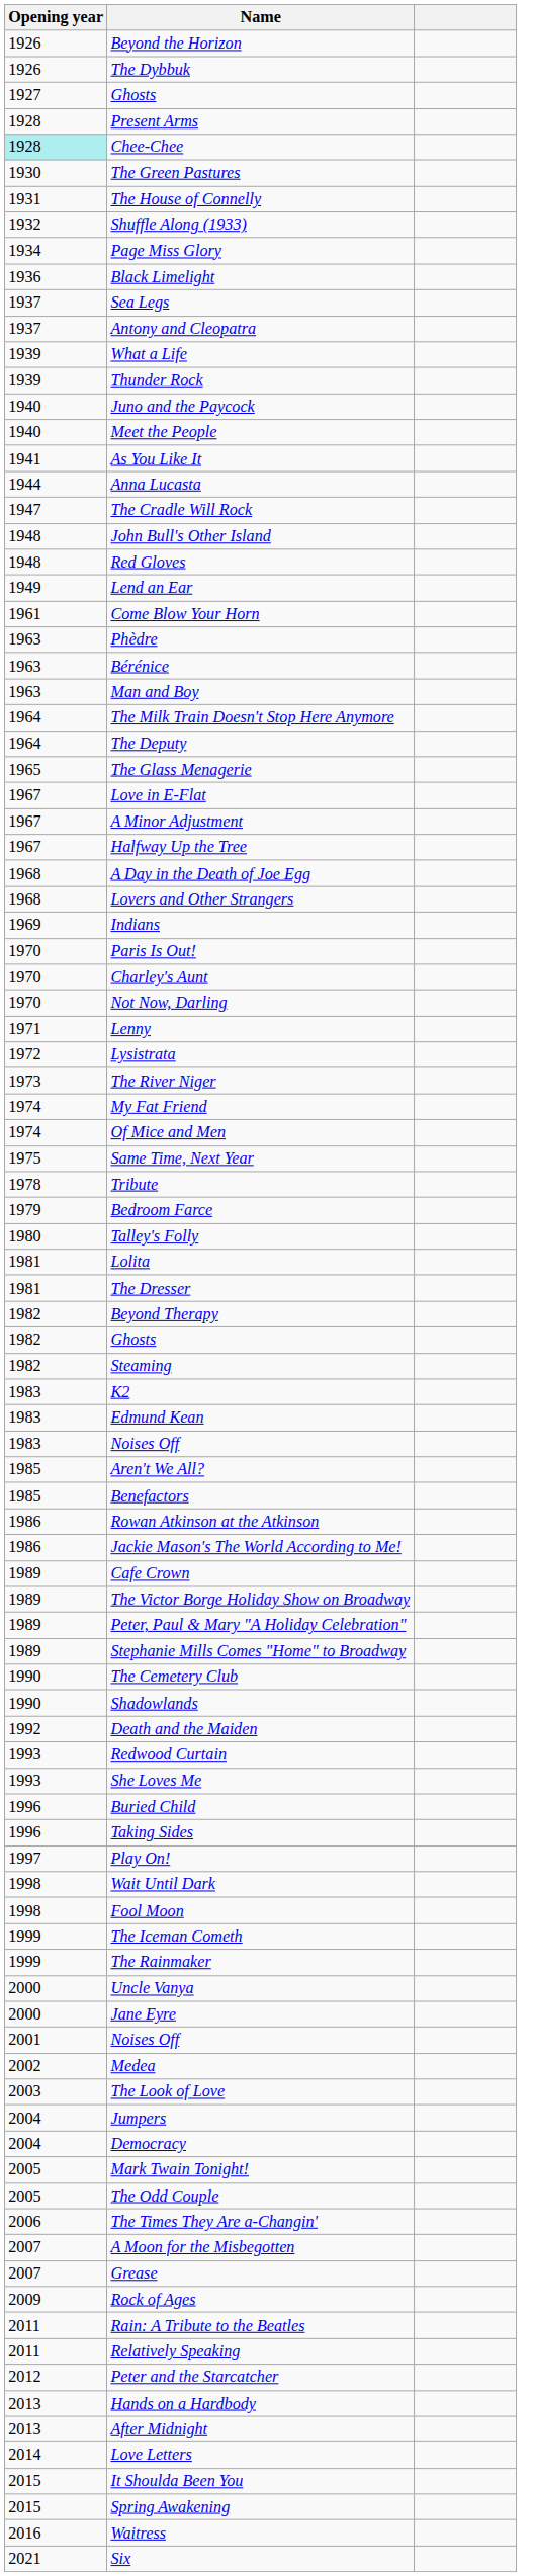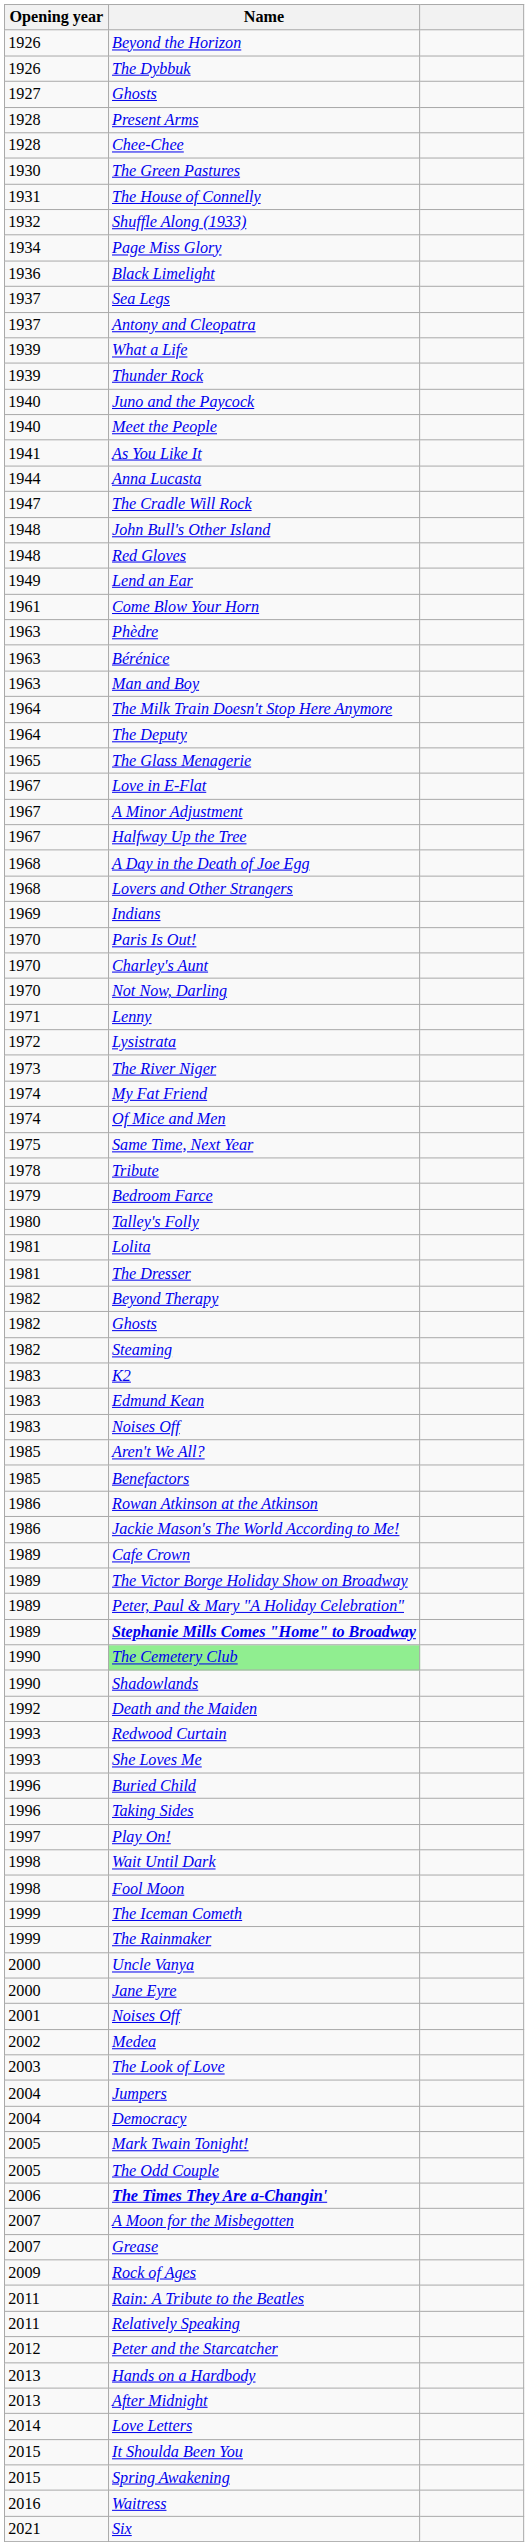 <table class="wikitable sortable collapsible">
 <tr>
 <th width=20% scope="col">Opening year</th>
 <th width=60% scope="col">Name</th>
 <th width=20% scope="col" class="unsortable"></th>
 </tr>
 <tr>
 <td>1926</td>
 <td><em><a href='#'>Beyond the Horizon</a></em></td>
 <td></td>
 </tr>
 <tr>
 <td>1926</td>
 <td><em><a href='#'>The Dybbuk</a></em></td>
 <td></td>
 </tr>
 <tr>
 <td>1927</td>
 <td><em><a href='#'>Ghosts</a></em></td>
 <td></td>
 </tr>
 <tr>
 <td>1928</td>
 <td><em><a href='#'>Present Arms</a></em></td>
 <td></td>
 </tr>
 <tr>
-<td style="background: paleturquoise;">1928</td>
+<td>1928</td>
 <td><em><a href='#'>Chee-Chee</a></em></td>
 <td></td>
 </tr>
 <tr>
 <td>1930</td>
 <td><em><a href='#'>The Green Pastures</a></em></td>
 <td></td>
 </tr>
 <tr>
 <td>1931</td>
 <td><em><a href='#'>The House of Connelly</a></em></td>
 <td></td>
 </tr>
 <tr>
 <td>1932</td>
 <td><em><a href='#'>Shuffle Along (1933)</a></em></td>
 <td></td>
 </tr>
 <tr>
 <td>1934</td>
 <td><em><a href='#'>Page Miss Glory</a></em></td>
 <td></td>
 </tr>
 <tr>
 <td>1936</td>
 <td><em><a href='#'>Black Limelight</a></em></td>
 <td></td>
 </tr>
 <tr>
 <td>1937</td>
 <td><em><a href='#'>Sea Legs</a></em></td>
 <td></td>
 </tr>
 <tr>
 <td>1937</td>
 <td><em><a href='#'>Antony and Cleopatra</a></em></td>
 <td></td>
 </tr>
 <tr>
 <td>1939</td>
 <td><em><a href='#'>What a Life</a></em></td>
 <td></td>
 </tr>
 <tr>
 <td>1939</td>
 <td><em><a href='#'>Thunder Rock</a></em></td>
 <td></td>
 </tr>
 <tr>
 <td>1940</td>
 <td><em><a href='#'>Juno and the Paycock</a></em></td>
 <td></td>
 </tr>
 <tr>
 <td>1940</td>
 <td><em><a href='#'>Meet the People</a></em></td>
 <td></td>
 </tr>
 <tr>
 <td>1941</td>
 <td><em><a href='#'>As You Like It</a></em></td>
 <td></td>
 </tr>
 <tr>
 <td>1944</td>
 <td><em><a href='#'>Anna Lucasta</a></em></td>
 <td></td>
 </tr>
 <tr>
 <td>1947</td>
 <td><em><a href='#'>The Cradle Will Rock</a></em></td>
 <td></td>
 </tr>
 <tr>
 <td>1948</td>
 <td><em><a href='#'>John Bull's Other Island</a></em></td>
 <td></td>
 </tr>
 <tr>
 <td>1948</td>
 <td><em><a href='#'>Red Gloves</a></em></td>
 <td></td>
 </tr>
 <tr>
 <td>1949</td>
 <td><em><a href='#'>Lend an Ear</a></em></td>
 <td></td>
 </tr>
 <tr>
 <td>1961</td>
 <td><em><a href='#'>Come Blow Your Horn</a></em></td>
 <td></td>
 </tr>
 <tr>
 <td>1963</td>
 <td><em><a href='#'>Phèdre</a></em></td>
 <td></td>
 </tr>
 <tr>
 <td>1963</td>
 <td><em><a href='#'>Bérénice</a></em></td>
 <td></td>
 </tr>
 <tr>
 <td>1963</td>
 <td><em><a href='#'>Man and Boy</a></em></td>
 <td></td>
 </tr>
 <tr>
 <td>1964</td>
 <td><em><a href='#'>The Milk Train Doesn't Stop Here Anymore</a></em></td>
 <td></td>
 </tr>
 <tr>
 <td>1964</td>
 <td><em><a href='#'>The Deputy</a></em></td>
 <td></td>
 </tr>
 <tr>
 <td>1965</td>
 <td><em><a href='#'>The Glass Menagerie</a></em></td>
 <td></td>
 </tr>
 <tr>
 <td>1967</td>
 <td><em><a href='#'>Love in E-Flat</a></em></td>
 <td></td>
 </tr>
 <tr>
 <td>1967</td>
 <td><em><a href='#'>A Minor Adjustment</a></em></td>
 <td></td>
 </tr>
 <tr>
 <td>1967</td>
 <td><em><a href='#'>Halfway Up the Tree</a></em></td>
 <td></td>
 </tr>
 <tr>
 <td>1968</td>
 <td><em><a href='#'>A Day in the Death of Joe Egg</a></em></td>
 <td></td>
 </tr>
 <tr>
 <td>1968</td>
 <td><em><a href='#'>Lovers and Other Strangers</a></em></td>
 <td></td>
 </tr>
 <tr>
 <td>1969</td>
 <td><em><a href='#'>Indians</a></em></td>
 <td></td>
 </tr>
 <tr>
 <td>1970</td>
 <td><em><a href='#'>Paris Is Out!</a></em></td>
 <td></td>
 </tr>
 <tr>
 <td>1970</td>
 <td><em><a href='#'>Charley's Aunt</a></em></td>
 <td></td>
 </tr>
 <tr>
 <td>1970</td>
 <td><em><a href='#'>Not Now, Darling</a></em></td>
 <td></td>
 </tr>
 <tr>
 <td>1971</td>
 <td><em><a href='#'>Lenny</a></em></td>
 <td></td>
 </tr>
 <tr>
 <td>1972</td>
 <td><em><a href='#'>Lysistrata</a></em></td>
 <td></td>
 </tr>
 <tr>
 <td>1973</td>
 <td><em><a href='#'>The River Niger</a></em></td>
 <td></td>
 </tr>
 <tr>
 <td>1974</td>
 <td><em><a href='#'>My Fat Friend</a></em></td>
 <td></td>
 </tr>
 <tr>
 <td>1974</td>
 <td><em><a href='#'>Of Mice and Men</a></em></td>
 <td></td>
 </tr>
 <tr>
 <td>1975</td>
 <td><em><a href='#'>Same Time, Next Year</a></em></td>
 <td></td>
 </tr>
 <tr>
 <td>1978</td>
 <td><em><a href='#'>Tribute</a></em></td>
 <td></td>
 </tr>
 <tr>
 <td>1979</td>
 <td><em><a href='#'>Bedroom Farce</a></em></td>
 <td></td>
 </tr>
 <tr>
 <td>1980</td>
 <td><em><a href='#'>Talley's Folly</a></em></td>
 <td></td>
 </tr>
 <tr>
 <td>1981</td>
 <td><em><a href='#'>Lolita</a></em></td>
 <td></td>
 </tr>
 <tr>
 <td>1981</td>
 <td><em><a href='#'>The Dresser</a></em></td>
 <td></td>
 </tr>
 <tr>
 <td>1982</td>
 <td><em><a href='#'>Beyond Therapy</a></em></td>
 <td></td>
 </tr>
 <tr>
 <td>1982</td>
 <td><em><a href='#'>Ghosts</a></em></td>
 <td></td>
 </tr>
 <tr>
 <td>1982</td>
 <td><em><a href='#'>Steaming</a></em></td>
 <td></td>
 </tr>
 <tr>
 <td>1983</td>
 <td><em><a href='#'>K2</a></em></td>
 <td></td>
 </tr>
 <tr>
 <td>1983</td>
 <td><em><a href='#'>Edmund Kean</a></em></td>
 <td></td>
 </tr>
 <tr>
 <td>1983</td>
 <td><em><a href='#'>Noises Off</a></em></td>
 <td></td>
 </tr>
 <tr>
 <td>1985</td>
 <td><em><a href='#'>Aren't We All?</a></em></td>
 <td></td>
 </tr>
 <tr>
 <td>1985</td>
 <td><em><a href='#'>Benefactors</a></em></td>
 <td></td>
 </tr>
 <tr>
 <td>1986</td>
 <td><em><a href='#'>Rowan Atkinson at the Atkinson</a></em></td>
 <td></td>
 </tr>
 <tr>
 <td>1986</td>
 <td><em><a href='#'>Jackie Mason's The World According to Me!</a></em></td>
 <td></td>
 </tr>
 <tr>
 <td>1989</td>
 <td><em><a href='#'>Cafe Crown</a></em></td>
 <td></td>
 </tr>
 <tr>
 <td>1989</td>
 <td><em><a href='#'>The Victor Borge Holiday Show on Broadway</a></em></td>
 <td></td>
 </tr>
 <tr>
 <td>1989</td>
 <td><em><a href='#'>Peter, Paul & Mary "A Holiday Celebration"</a></em></td>
 <td></td>
 </tr>
 <tr>
 <td>1989</td>
-<td><em><a href='#'>Stephanie Mills Comes "Home" to Broadway</a></em></td>
+<td><strong><em><a href='#'>Stephanie Mills Comes "Home" to Broadway</a></em></strong></td>
 <td></td>
 </tr>
 <tr>
 <td>1990</td>
-<td><em><a href='#'>The Cemetery Club</a></em></td>
+<td style="background: lightgreen;"><em><a href='#'>The Cemetery Club</a></em></td>
 <td></td>
 </tr>
 <tr>
 <td>1990</td>
 <td><em><a href='#'>Shadowlands</a></em></td>
 <td></td>
 </tr>
 <tr>
 <td>1992</td>
 <td><em><a href='#'>Death and the Maiden</a></em></td>
 <td></td>
 </tr>
 <tr>
 <td>1993</td>
 <td><em><a href='#'>Redwood Curtain</a></em></td>
 <td></td>
 </tr>
 <tr>
 <td>1993</td>
 <td><em><a href='#'>She Loves Me</a></em></td>
 <td></td>
 </tr>
 <tr>
 <td>1996</td>
 <td><em><a href='#'>Buried Child</a></em></td>
 <td></td>
 </tr>
 <tr>
 <td>1996</td>
 <td><em><a href='#'>Taking Sides</a></em></td>
 <td></td>
 </tr>
 <tr>
 <td>1997</td>
 <td><em><a href='#'>Play On!</a></em></td>
 <td></td>
 </tr>
 <tr>
 <td>1998</td>
 <td><em><a href='#'>Wait Until Dark</a></em></td>
 <td></td>
 </tr>
 <tr>
 <td>1998</td>
 <td><em><a href='#'>Fool Moon</a></em></td>
 <td></td>
 </tr>
 <tr>
 <td>1999</td>
 <td><em><a href='#'>The Iceman Cometh</a></em></td>
 <td></td>
 </tr>
 <tr>
 <td>1999</td>
 <td><em><a href='#'>The Rainmaker</a></em></td>
 <td></td>
 </tr>
 <tr>
 <td>2000</td>
 <td><em><a href='#'>Uncle Vanya</a></em></td>
 <td></td>
 </tr>
 <tr>
 <td>2000</td>
 <td><em><a href='#'>Jane Eyre</a></em></td>
 <td></td>
 </tr>
 <tr>
 <td>2001</td>
 <td><em><a href='#'>Noises Off</a></em></td>
 <td></td>
 </tr>
 <tr>
 <td>2002</td>
 <td><em><a href='#'>Medea</a></em></td>
 <td></td>
 </tr>
 <tr>
 <td>2003</td>
 <td><em><a href='#'>The Look of Love</a></em></td>
 <td></td>
 </tr>
 <tr>
 <td>2004</td>
 <td><em><a href='#'>Jumpers</a></em></td>
 <td></td>
 </tr>
 <tr>
 <td>2004</td>
 <td><em><a href='#'>Democracy</a></em></td>
 <td></td>
 </tr>
 <tr>
 <td>2005</td>
 <td><em><a href='#'>Mark Twain Tonight!</a></em></td>
 <td></td>
 </tr>
 <tr>
 <td>2005</td>
 <td><em><a href='#'>The Odd Couple</a></em></td>
 <td></td>
 </tr>
 <tr>
 <td>2006</td>
-<td><em><a href='#'>The Times They Are a-Changin'</a></em></td>
+<td><strong><em><a href='#'>The Times They Are a-Changin'</a></em></strong></td>
 <td></td>
 </tr>
 <tr>
 <td>2007</td>
 <td><em><a href='#'>A Moon for the Misbegotten</a></em></td>
 <td></td>
 </tr>
 <tr>
 <td>2007</td>
 <td><em><a href='#'>Grease</a></em></td>
 <td></td>
 </tr>
 <tr>
 <td>2009</td>
 <td><em><a href='#'>Rock of Ages</a></em></td>
 <td></td>
 </tr>
 <tr>
 <td>2011</td>
 <td><em><a href='#'>Rain: A Tribute to the Beatles</a></em></td>
 <td></td>
 </tr>
 <tr>
 <td>2011</td>
 <td><em><a href='#'>Relatively Speaking</a></em></td>
 <td></td>
 </tr>
 <tr>
 <td>2012</td>
 <td><em><a href='#'>Peter and the Starcatcher</a></em></td>
 <td></td>
 </tr>
 <tr>
 <td>2013</td>
 <td><em><a href='#'>Hands on a Hardbody</a></em></td>
 <td></td>
 </tr>
 <tr>
 <td>2013</td>
 <td><em><a href='#'>After Midnight</a></em></td>
 <td></td>
 </tr>
 <tr>
 <td>2014</td>
 <td><em><a href='#'>Love Letters</a></em></td>
 <td></td>
 </tr>
 <tr>
 <td>2015</td>
 <td><em><a href='#'>It Shoulda Been You</a></em></td>
 <td></td>
 </tr>
 <tr>
 <td>2015</td>
 <td><em><a href='#'>Spring Awakening</a></em></td>
 <td></td>
 </tr>
 <tr>
 <td>2016</td>
 <td><em><a href='#'>Waitress</a></em></td>
 <td></td>
 </tr>
 <tr>
 <td>2021</td>
 <td><em><a href='#'>Six</a></em></td>
 <td></td>
 </tr>
 </table>
